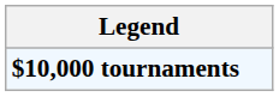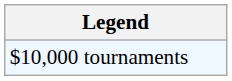 <table class="wikitable"  style="font-size:90%; width:12%;">
 <tr>
 <th>Legend</th>
 </tr>
 <tr style="background:#f0f8ff;">
-<td><strong>$10,000 tournaments</strong></td>
+<td>$10,000 tournaments</td>
 </tr>
 </table>
